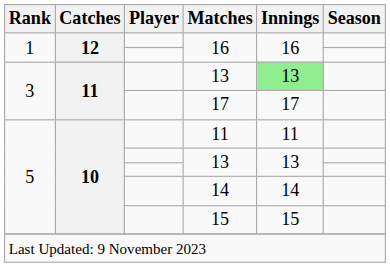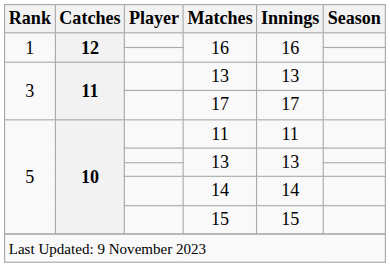 <table class="wikitable">
 <tr>
 <th style="text-align:center;">Rank</th>
 <th style="text-align:center;">Catches</th>
 <th style="text-align:center;">Player</th>
 <th style="text-align:center;">Matches</th>
 <th style="text-align:center;">Innings</th>
 <th style="text-align:center;">Season</th>
 </tr>
 <tr>
 <td align=center rowspan=2>1</td>
 <th scope=row style=text-align:center; rowspan=2>12</th>
 <td></td>
 <td align=center rowspan=2>16</td>
 <td align=center rowspan=2>16</td>
 <td></td>
 </tr>
 <tr>
 <td></td>
 <td></td>
 </tr>
 <tr>
 <td align=center rowspan=2>3</td>
 <th scope=row style=text-align:center; rowspan=2>11</th>
 <td></td>
 <td align=center>13</td>
-<td align=center style="background: lightgreen;">13</td>
+<td align=center>13</td>
 <td></td>
 </tr>
 <tr>
 <td></td>
 <td align=center>17</td>
 <td align=center>17</td>
 <td></td>
 </tr>
 <tr>
 <td align=center rowspan=5>5</td>
 <th scope=row style=text-align:center; rowspan=5>10</th>
 <td></td>
 <td align=center>11</td>
 <td align=center>11</td>
 <td></td>
 </tr>
 <tr>
 <td></td>
 <td align=center rowspan=2>13</td>
 <td align=center rowspan=2>13</td>
 <td></td>
 </tr>
 <tr>
 <td></td>
 <td></td>
 </tr>
 <tr>
 <td></td>
 <td align=center>14</td>
 <td align=center>14</td>
 <td></td>
 </tr>
 <tr>
 <td></td>
 <td align=center>15</td>
 <td align=center>15</td>
 <td></td>
 </tr>
 <tr>
 </tr>
 <tr class=sortbottom>
 <td colspan=6><small>Last Updated: 9 November 2023</small></td>
 </tr>
 </table>
